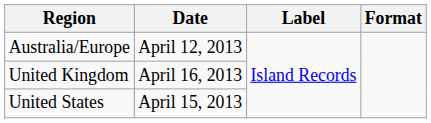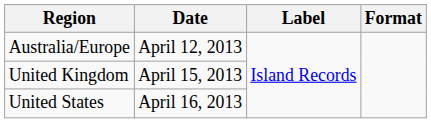 <table class="wikitable plainrowheaders">
 <tr>
 <th scope="col">Region</th>
 <th scope="col">Date</th>
 <th scope="col">Label</th>
 <th scope="col">Format</th>
 </tr>
 <tr>
 <td>Australia/Europe</td>
 <td>April 12, 2013</td>
 <td rowspan="3"><a href='#'>Island Records</a></td>
 <td rowspan="3"></td>
 </tr>
 <tr>
 <td>United Kingdom</td>
-<td>April 16, 2013</td>
+<td>April 15, 2013</td>
 </tr>
 <tr>
 <td>United States</td>
-<td>April 15, 2013</td>
+<td>April 16, 2013</td>
 </tr>
 </table>
